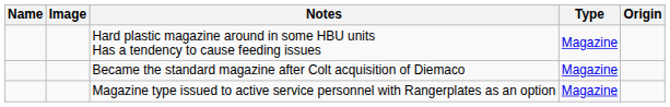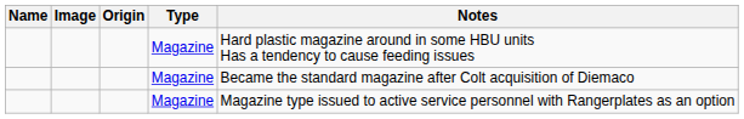 <table class="wikitable">
 <tr>
 <th>Name</th>
 <th>Image</th>
+<th>Origin</th>
+<th>Type</th>
 <th>Notes</th>
-<th>Type</th>
-<th>Origin</th>
 </tr>
 <tr>
 <td></td>
 <td></td>
+<td></td>
+<td><a href='#'>Magazine</a></td>
 <td>Hard plastic magazine around in some HBU units<br>Has a tendency to cause feeding issues</td>
-<td><a href='#'>Magazine</a></td>
-<td></td>
 </tr>
 <tr>
 <td></td>
 <td></td>
+<td></td>
+<td><a href='#'>Magazine</a></td>
 <td>Became the standard magazine after Colt acquisition of Diemaco</td>
-<td><a href='#'>Magazine</a></td>
-<td></td>
 </tr>
 <tr>
 <td></td>
 <td></td>
+<td></td>
+<td><a href='#'>Magazine</a></td>
 <td>Magazine type issued to active service personnel with Rangerplates as an option</td>
-<td><a href='#'>Magazine</a></td>
-<td></td>
 </tr>
 </table>
